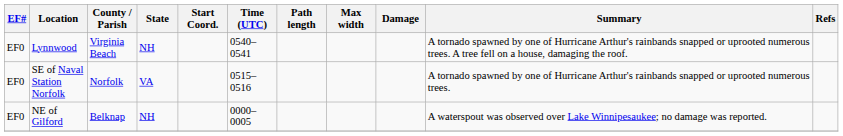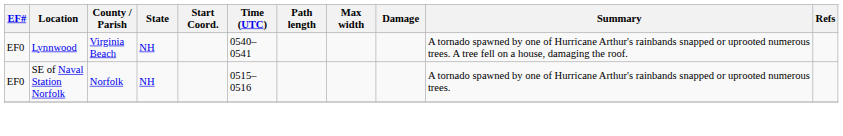 <table class="wikitable sortable" style="width:100%;">
 <tr>
 <th scope="col" width="3%" align="center"><a href='#'>EF#</a></th>
 <th scope="col" width="7%" align="center" class="unsortable">Location</th>
 <th scope="col" width="6%" align="center" class="unsortable">County / Parish</th>
 <th scope="col" width="5%" align="center">State</th>
 <th scope="col" width="6%" align="center">Start Coord.</th>
 <th scope="col" width="6%" align="center">Time (<a href='#'>UTC</a>)</th>
 <th scope="col" width="6%" align="center">Path length</th>
 <th scope="col" width="6%" align="center">Max width</th>
 <th scope="col" width="6%" align="center">Damage</th>
 <th scope="col" width="48%" class="unsortable" align="center">Summary</th>
 <th scope="col" width="48%" class="unsortable" align="center">Refs</th>
 </tr>
 <tr>
 <td>EF0</td>
 <td><a href='#'>Lynnwood</a></td>
 <td><a href='#'>Virginia Beach</a></td>
 <td><a href='#'>NH</a></td>
 <td></td>
 <td>0540–0541</td>
 <td></td>
 <td></td>
 <td></td>
 <td>A tornado spawned by one of Hurricane Arthur's rainbands snapped or uprooted numerous trees. A tree fell on a house, damaging the roof.</td>
 <td></td>
 </tr>
 <tr>
 <td>EF0</td>
 <td>SE of <a href='#'>Naval Station Norfolk</a></td>
 <td><a href='#'>Norfolk</a></td>
-<td><a href='#'>VA</a></td>
+<td><a href='#'>NH</a></td>
 <td></td>
 <td>0515–0516</td>
 <td></td>
 <td></td>
 <td></td>
 <td>A tornado spawned by one of Hurricane Arthur's rainbands snapped or uprooted numerous trees.</td>
 <td></td>
 </tr>
 <tr>
-<td>EF0</td>
-<td>NE of <a href='#'>Gilford</a></td>
-<td><a href='#'>Belknap</a></td>
-<td><a href='#'>NH</a></td>
-<td></td>
-<td>0000–0005</td>
-<td></td>
-<td></td>
-<td></td>
-<td>A waterspout was observed over <a href='#'>Lake Winnipesaukee</a>; no damage was reported.</td>
-<td></td>
-</tr>
-<tr>
 </tr>
 </table>
